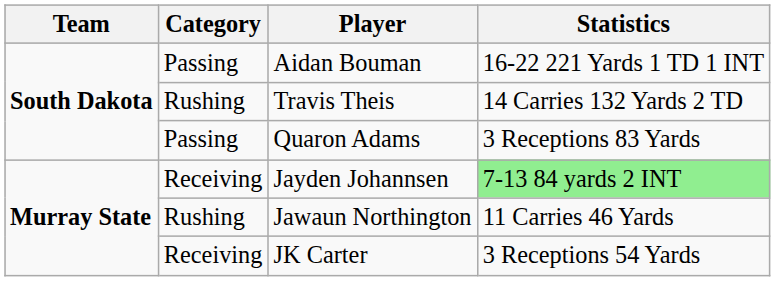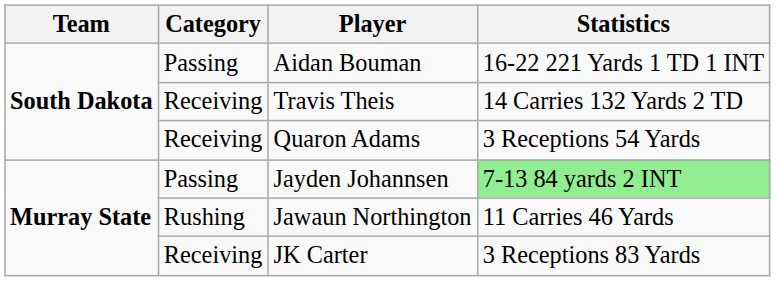 <table class="wikitable" style="float: right;">
 <tr>
 <th>Team</th>
 <th>Category</th>
 <th>Player</th>
 <th>Statistics</th>
 </tr>
 <tr>
 <td rowspan=3><strong>South Dakota</strong></td>
 <td>Passing</td>
 <td>Aidan Bouman</td>
 <td>16-22 221 Yards 1 TD 1 INT</td>
 </tr>
 <tr>
-<td>Rushing</td>
+<td>Receiving</td>
 <td>Travis Theis</td>
 <td>14 Carries 132 Yards 2 TD</td>
 </tr>
 <tr>
-<td>Passing</td>
+<td>Receiving</td>
 <td>Quaron Adams</td>
-<td>3 Receptions 83 Yards</td>
+<td>3 Receptions 54 Yards</td>
 </tr>
 <tr>
 <td rowspan=3><strong>Murray State</strong></td>
-<td>Receiving</td>
+<td>Passing</td>
 <td>Jayden Johannsen</td>
 <td style="background: lightgreen;">7-13 84 yards 2 INT</td>
 </tr>
 <tr>
 <td>Rushing</td>
 <td>Jawaun Northington</td>
 <td>11 Carries 46 Yards</td>
 </tr>
 <tr>
 <td>Receiving</td>
 <td>JK Carter</td>
-<td>3 Receptions 54 Yards</td>
+<td>3 Receptions 83 Yards</td>
 </tr>
 </table>
